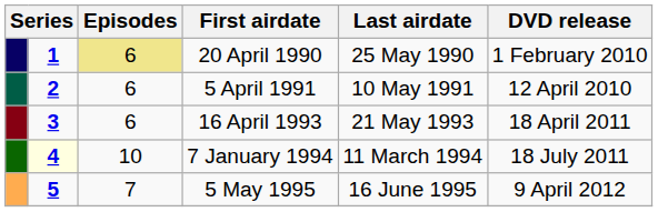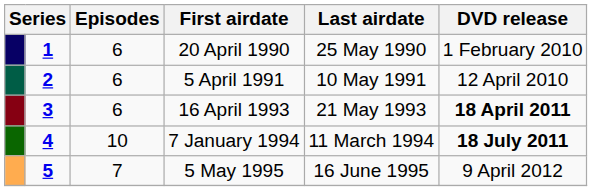 <table class="wikitable">
 <tr>
 <th colspan="2">Series</th>
 <th>Episodes</th>
 <th>First airdate</th>
 <th>Last airdate</th>
 <th>DVD release</th>
 </tr>
 <tr>
 <td style="background:#070065; height:15px;"></td>
 <td style="text-align:center;"><strong><a href='#'>1</a></strong></td>
-<td style="background: khaki; text-align:center;">6</td>
+<td style="text-align:center;">6</td>
 <td style="text-align:center;">20 April 1990</td>
 <td style="text-align:center;">25 May 1990</td>
 <td style="text-align:center;">1 February 2010</td>
 </tr>
 <tr>
 <td style="background:#005d46; height:15px;"></td>
 <td style="text-align:center;"><strong><a href='#'>2</a></strong></td>
 <td style="text-align:center;">6</td>
 <td style="text-align:center;">5 April 1991</td>
 <td style="text-align:center;">10 May 1991</td>
 <td style="text-align:center;">12 April 2010</td>
 </tr>
 <tr>
 <td style="background:#860012; height:15px;"></td>
 <td style="text-align:center;"><strong><a href='#'>3</a></strong></td>
 <td style="text-align:center;">6</td>
 <td style="text-align:center;">16 April 1993</td>
 <td style="text-align:center;">21 May 1993</td>
-<td style="text-align:center;">18 April 2011</td>
+<td style="text-align:center;"><strong>18 April 2011</strong></td>
 </tr>
 <tr>
 <td style="background:#0A6600; height:15px;"></td>
-<td style="background: lightyellow; text-align:center;"><strong><a href='#'>4</a></strong></td>
+<td style="text-align:center;"><strong><a href='#'>4</a></strong></td>
 <td style="text-align:center;">10</td>
 <td style="text-align:center;">7 January 1994</td>
 <td style="text-align:center;">11 March 1994</td>
-<td style="text-align:center;">18 July 2011</td>
+<td style="text-align:center;"><strong>18 July 2011</strong></td>
 </tr>
 <tr>
 <td style="background:#ffac4f; height:15px;"></td>
 <td style="text-align:center;"><strong><a href='#'>5</a></strong></td>
 <td style="text-align:center;">7</td>
 <td style="text-align:center;">5 May 1995</td>
 <td style="text-align:center;">16 June 1995</td>
 <td style="text-align:center;">9 April 2012</td>
 </tr>
 <tr>
 </tr>
 </table>
